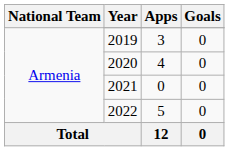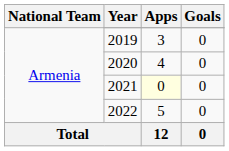 <table class="wikitable" style="text-align:center">
 <tr>
 <th>National Team</th>
 <th>Year</th>
 <th>Apps</th>
 <th>Goals</th>
 </tr>
 <tr>
 <td rowspan="5"><a href='#'>Armenia</a></td>
 </tr>
 <tr>
 <td>2019</td>
 <td>3</td>
 <td>0</td>
 </tr>
 <tr>
 <td>2020</td>
 <td>4</td>
 <td>0</td>
 </tr>
 <tr>
 <td>2021</td>
-<td>0</td>
+<td style="background: lightyellow;">0</td>
 <td>0</td>
 </tr>
 <tr>
 <td>2022</td>
 <td>5</td>
 <td>0</td>
 </tr>
 <tr>
 <th colspan=2>Total</th>
 <th>12</th>
 <th>0</th>
 </tr>
 </table>
